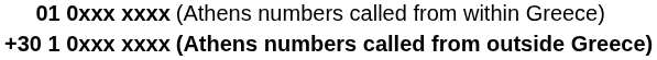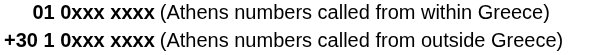 <table class="toccolours" style="font-size:100%">
 <tr>
 <td style="text-align:right; width:12em;"><strong>01 0xxx xxxx</strong></td>
 <td>(Athens numbers called from within Greece)</td>
 </tr>
 <tr>
 <td style="text-align:right; width:12em;"><strong>+30 1 0xxx xxxx</strong></td>
-<td><strong>(Athens numbers called from outside Greece)</strong></td>
+<td>(Athens numbers called from outside Greece)</td>
 </tr>
 </table>
